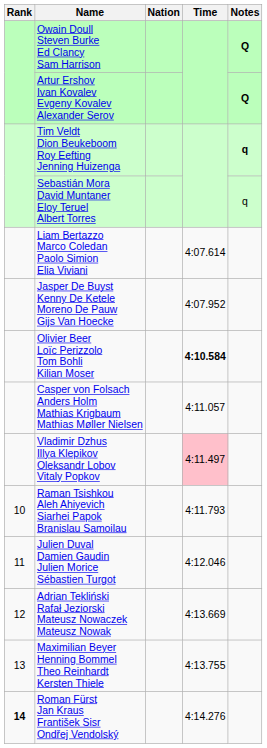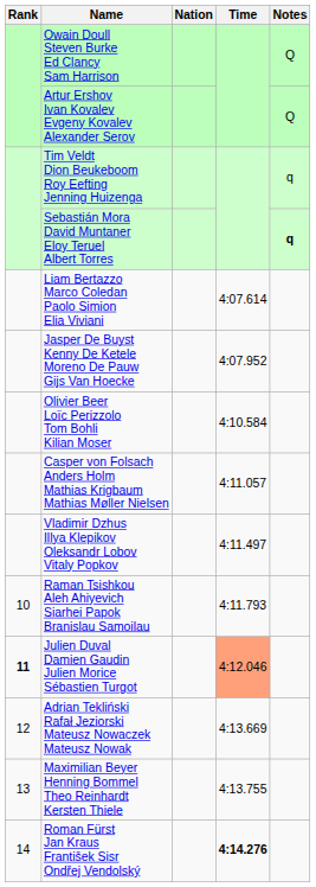 <table class="wikitable sortable" style="text-align:center">
 <tr>
 <th>Rank</th>
 <th>Name</th>
 <th>Nation</th>
 <th>Time</th>
 <th>Notes</th>
 </tr>
 <tr bgcolor=bbffbb>
 <td rowspan=2></td>
 <td align=left><a href='#'>Owain Doull</a><br><a href='#'>Steven Burke</a><br><a href='#'>Ed Clancy</a><br><a href='#'>Sam Harrison</a></td>
 <td align=left></td>
 <td rowspan=2></td>
-<td><strong>Q</strong></td>
+<td>Q</td>
 </tr>
 <tr bgcolor=bbffbb>
 <td align=left><a href='#'>Artur Ershov</a><br><a href='#'>Ivan Kovalev</a><br><a href='#'>Evgeny Kovalev</a><br><a href='#'>Alexander Serov</a></td>
 <td align=left></td>
-<td><strong>Q</strong></td>
+<td>Q</td>
 </tr>
 <tr bgcolor=ccffcc>
 <td rowspan=2></td>
 <td align=left><a href='#'>Tim Veldt</a><br><a href='#'>Dion Beukeboom</a><br><a href='#'>Roy Eefting</a><br><a href='#'>Jenning Huizenga</a></td>
 <td align=left></td>
 <td rowspan=2></td>
-<td><strong>q</strong></td>
+<td>q</td>
 </tr>
 <tr bgcolor=ccffcc>
 <td align=left><a href='#'>Sebastián Mora</a><br><a href='#'>David Muntaner</a><br><a href='#'>Eloy Teruel</a><br><a href='#'>Albert Torres</a></td>
 <td align=left></td>
-<td>q</td>
+<td><strong>q</strong></td>
 </tr>
 <tr>
 <td></td>
 <td align=left><a href='#'>Liam Bertazzo</a><br><a href='#'>Marco Coledan</a><br><a href='#'>Paolo Simion</a><br><a href='#'>Elia Viviani</a></td>
 <td align=left></td>
 <td>4:07.614</td>
 <td></td>
 </tr>
 <tr>
 <td></td>
 <td align=left><a href='#'>Jasper De Buyst</a><br><a href='#'>Kenny De Ketele</a><br><a href='#'>Moreno De Pauw</a><br><a href='#'>Gijs Van Hoecke</a></td>
 <td align=left></td>
 <td>4:07.952</td>
 <td></td>
 </tr>
 <tr>
 <td></td>
 <td align=left><a href='#'>Olivier Beer</a><br><a href='#'>Loïc Perizzolo</a><br><a href='#'>Tom Bohli</a><br><a href='#'>Kilian Moser</a></td>
 <td align=left></td>
-<td><strong>4:10.584</strong></td>
+<td>4:10.584</td>
 <td></td>
 </tr>
 <tr>
 <td></td>
 <td align=left><a href='#'>Casper von Folsach</a><br><a href='#'>Anders Holm</a><br><a href='#'>Mathias Krigbaum</a><br><a href='#'>Mathias Møller Nielsen</a></td>
 <td align=left></td>
 <td>4:11.057</td>
 <td></td>
 </tr>
 <tr>
 <td></td>
 <td align=left><a href='#'>Vladimir Dzhus</a><br><a href='#'>Illya Klepikov</a><br><a href='#'>Oleksandr Lobov</a><br><a href='#'>Vitaly Popkov</a></td>
 <td align=left></td>
-<td style="background: pink;">4:11.497</td>
+<td>4:11.497</td>
 <td></td>
 </tr>
 <tr>
 <td>10</td>
 <td align=left><a href='#'>Raman Tsishkou</a><br><a href='#'>Aleh Ahiyevich</a><br><a href='#'>Siarhei Papok</a><br><a href='#'>Branislau Samoilau</a></td>
 <td align=left></td>
 <td>4:11.793</td>
 <td></td>
 </tr>
 <tr>
-<td>11</td>
+<td><strong>11</strong></td>
 <td align=left><a href='#'>Julien Duval</a><br><a href='#'>Damien Gaudin</a><br><a href='#'>Julien Morice</a><br><a href='#'>Sébastien Turgot</a></td>
 <td align=left></td>
-<td>4:12.046</td>
+<td style="background: lightsalmon;">4:12.046</td>
 <td></td>
 </tr>
 <tr>
 <td>12</td>
 <td align=left><a href='#'>Adrian Tekliński</a><br><a href='#'>Rafał Jeziorski</a><br><a href='#'>Mateusz Nowaczek</a><br><a href='#'>Mateusz Nowak</a></td>
 <td align=left></td>
 <td>4:13.669</td>
 <td></td>
 </tr>
 <tr>
 <td>13</td>
 <td align=left><a href='#'>Maximilian Beyer</a><br><a href='#'>Henning Bommel</a><br><a href='#'>Theo Reinhardt</a><br><a href='#'>Kersten Thiele</a></td>
 <td align=left></td>
 <td>4:13.755</td>
 <td></td>
 </tr>
 <tr>
-<td><strong>14</strong></td>
+<td>14</td>
 <td align=left><a href='#'>Roman Fürst</a><br><a href='#'>Jan Kraus</a><br><a href='#'>František Sisr</a><br><a href='#'>Ondřej Vendolský</a></td>
 <td align=left></td>
-<td>4:14.276</td>
+<td><strong>4:14.276</strong></td>
 <td></td>
 </tr>
 </table>
